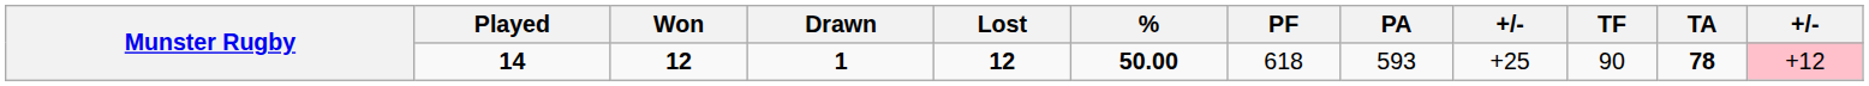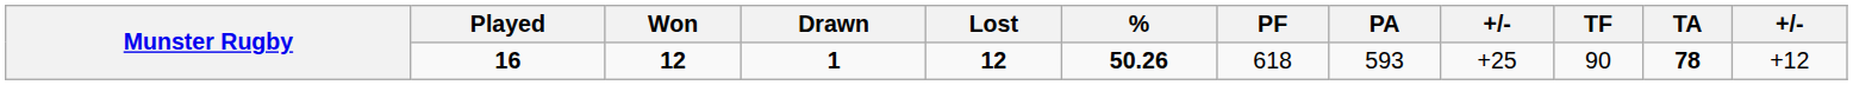 <table class="wikitable" style="font-size:90%; width:90%; text-align:center">
 <tr>
 <th rowspan="2" align="left"> <a href='#'>Munster Rugby</a></th>
 <th><strong>Played</strong></th>
 <th><strong>Won</strong></th>
 <th><strong>Drawn</strong></th>
 <th><strong>Lost</strong></th>
 <th><strong>%</strong></th>
 <th>PF</th>
 <th>PA</th>
 <th>+/-</th>
 <th>TF</th>
 <th>TA</th>
 <th><strong>+/-</strong></th>
 </tr>
 <tr>
-<td><strong>14</strong></td>
+<td><strong>16</strong></td>
 <td><strong>12</strong></td>
 <td><strong>1</strong></td>
 <td><strong>12</strong></td>
-<td><strong>50.00</strong></td>
+<td><strong>50.26</strong></td>
 <td>618</td>
 <td>593</td>
 <td>+25</td>
 <td>90</td>
 <td><strong>78</strong></td>
-<td style="background: pink;">+12</td>
+<td>+12</td>
 </tr>
 </table>
